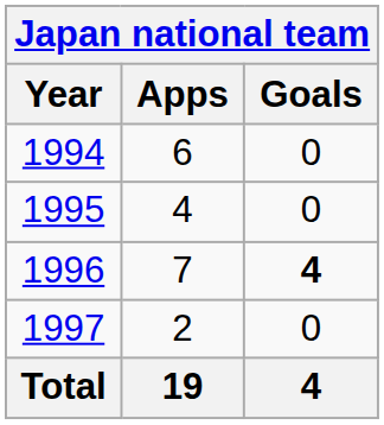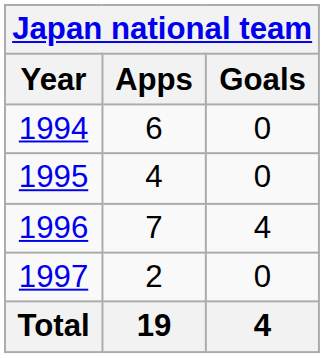 <table class="wikitable" style="text-align:center">
 <tr>
 <th colspan=3><a href='#'>Japan national team</a></th>
 </tr>
 <tr>
 <th>Year</th>
 <th>Apps</th>
 <th>Goals</th>
 </tr>
 <tr>
 <td><a href='#'>1994</a></td>
 <td>6</td>
 <td>0</td>
 </tr>
 <tr>
 <td><a href='#'>1995</a></td>
 <td>4</td>
 <td>0</td>
 </tr>
 <tr>
 <td><a href='#'>1996</a></td>
 <td>7</td>
-<td><strong>4</strong></td>
+<td>4</td>
 </tr>
 <tr>
 <td><a href='#'>1997</a></td>
 <td>2</td>
 <td>0</td>
 </tr>
 <tr>
 <th>Total</th>
 <th>19</th>
 <th>4</th>
 </tr>
 </table>
